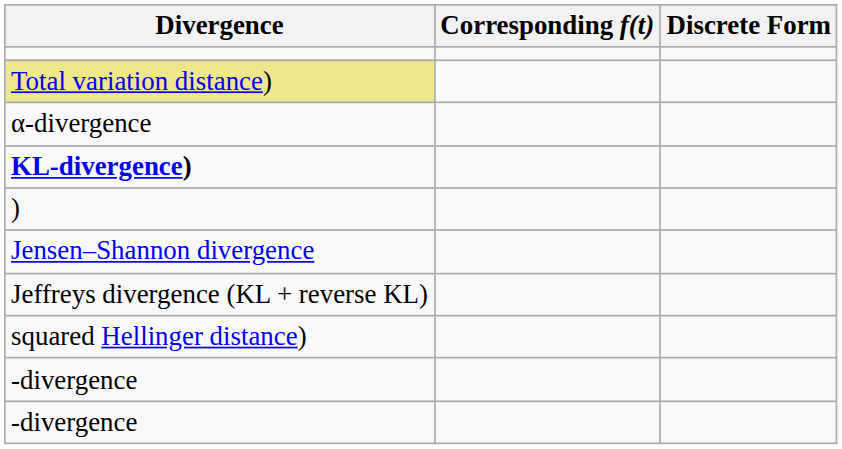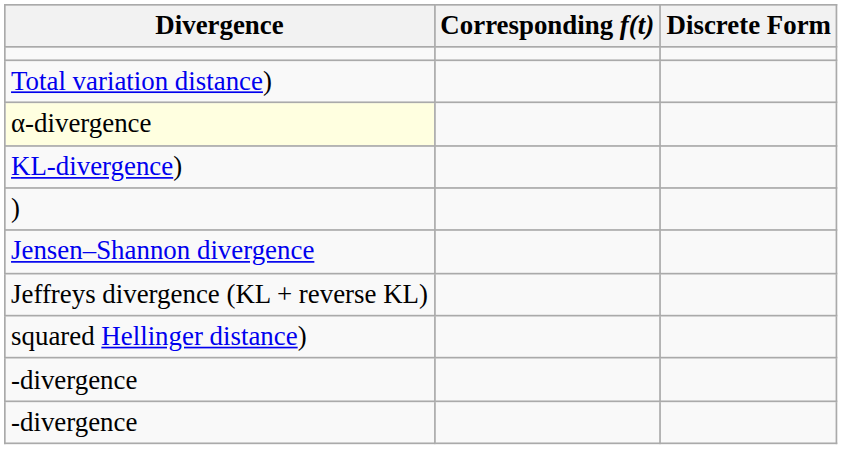 <table class="wikitable">
 <tr>
 <th>Divergence</th>
 <th>Corresponding <em>f(t)</em></th>
 <th>Discrete Form</th>
 </tr>
 <tr>
 <td></td>
 <td></td>
 <td></td>
 </tr>
 <tr>
-<td style="background: khaki;"><a href='#'>Total variation distance</a>)</td>
+<td><a href='#'>Total variation distance</a>)</td>
 <td></td>
 <td></td>
 </tr>
 <tr>
-<td>α-divergence</td>
+<td style="background: lightyellow;">α-divergence</td>
 <td></td>
 </tr>
 <tr>
-<td><strong><a href='#'>KL-divergence</a>)</strong></td>
+<td><a href='#'>KL-divergence</a>)</td>
 <td></td>
 <td></td>
 </tr>
 <tr>
 <td>)</td>
 <td></td>
 <td></td>
 </tr>
 <tr>
 <td><a href='#'>Jensen–Shannon divergence</a></td>
 <td></td>
 <td></td>
 </tr>
 <tr>
 <td>Jeffreys divergence (KL + reverse KL)</td>
 <td></td>
 <td></td>
 </tr>
 <tr>
 <td>squared <a href='#'>Hellinger distance</a>)</td>
 <td></td>
 <td></td>
 </tr>
 <tr>
 <td>-divergence</td>
 <td></td>
 <td></td>
 </tr>
 <tr>
 <td>-divergence</td>
 <td></td>
 <td></td>
 </tr>
 </table>
